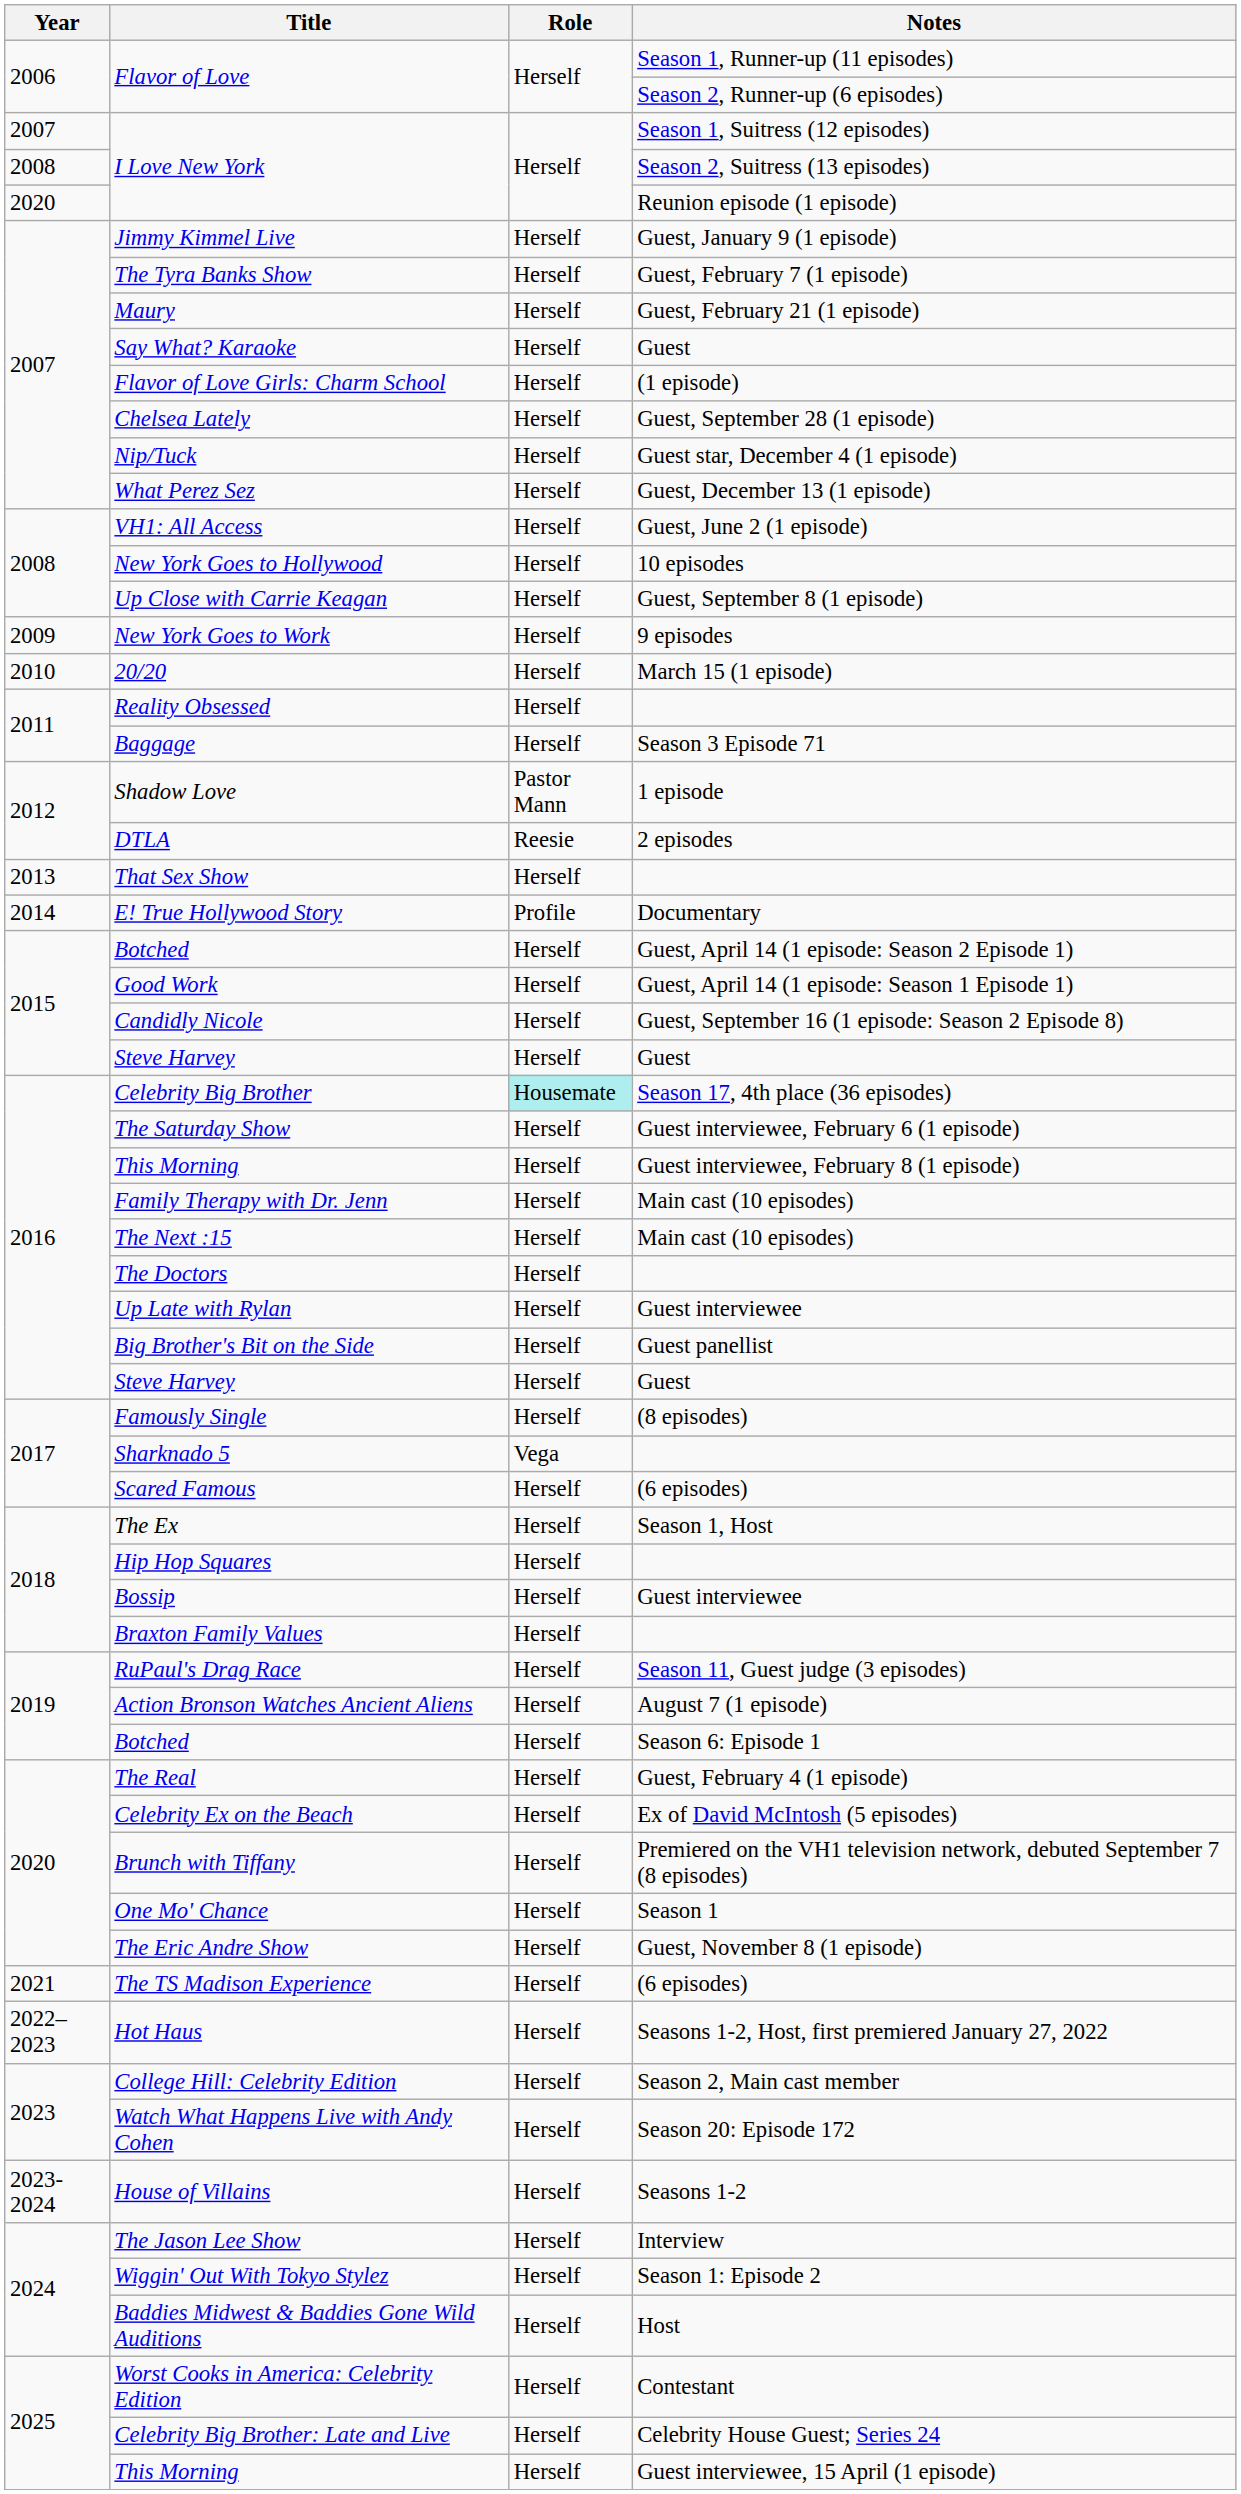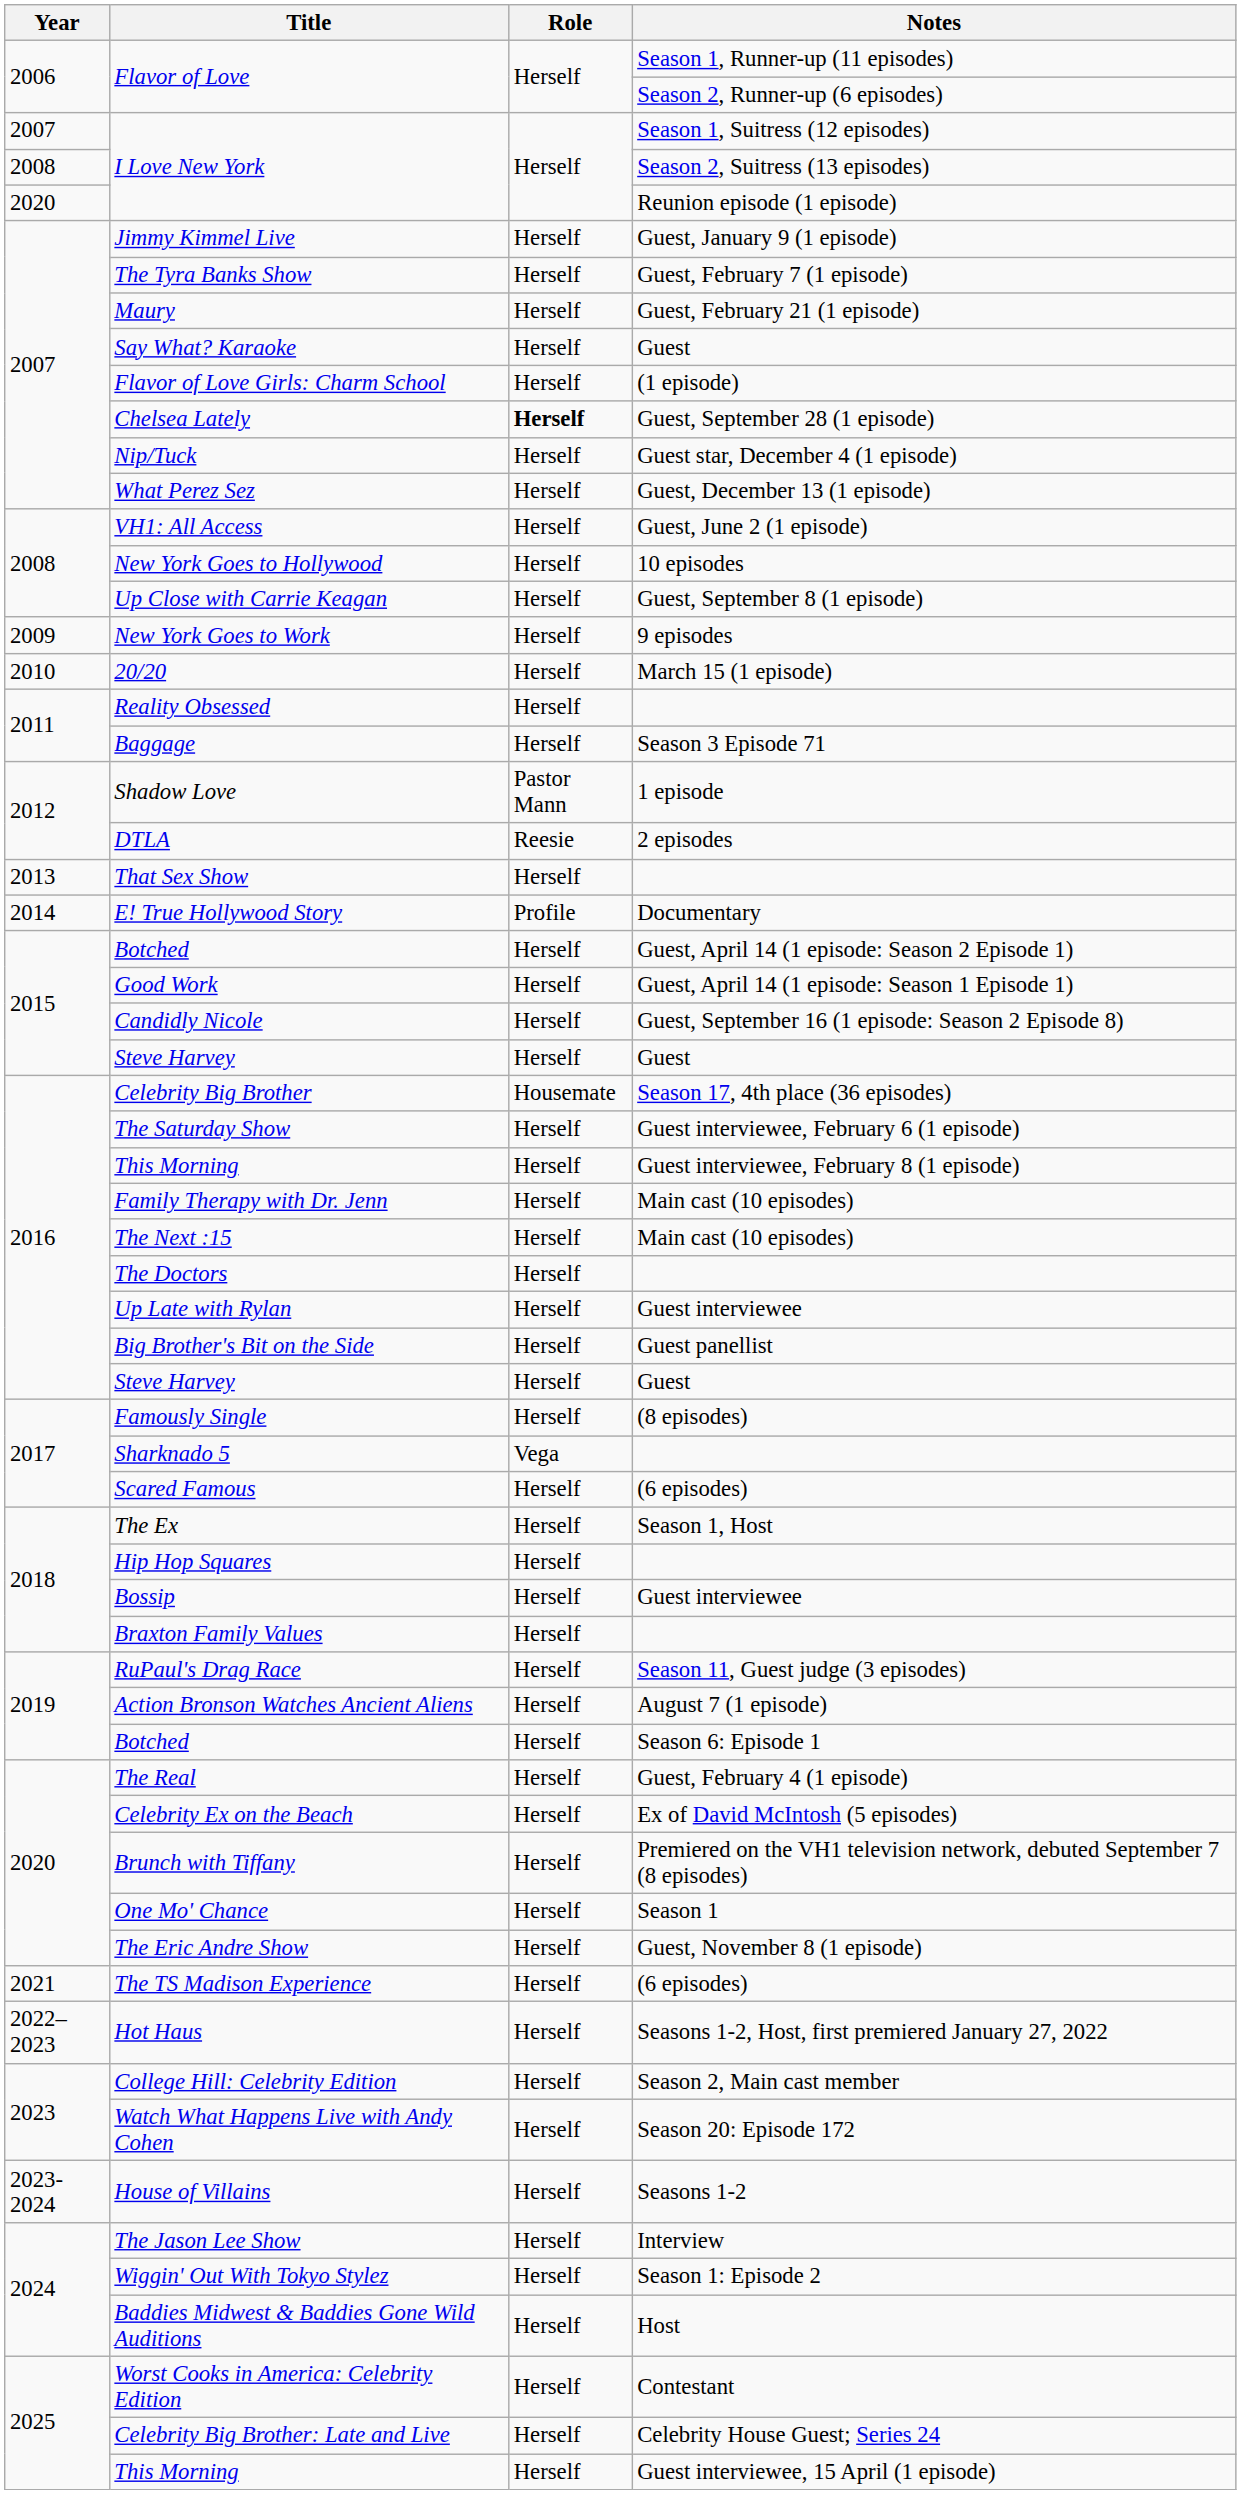 <table class="wikitable">
 <tr>
 <th>Year</th>
 <th>Title</th>
 <th>Role</th>
 <th>Notes</th>
 </tr>
 <tr>
 <td rowspan="2">2006</td>
 <td rowspan="2"><em><a href='#'>Flavor of Love</a></em></td>
 <td rowspan="2">Herself</td>
 <td><a href='#'>Season 1</a>, Runner-up (11 episodes)</td>
 </tr>
 <tr>
 <td><a href='#'>Season 2</a>, Runner-up (6 episodes)</td>
 </tr>
 <tr>
 <td>2007</td>
 <td rowspan="3"><em><a href='#'>I Love New York</a></em></td>
 <td rowspan="3">Herself</td>
 <td><a href='#'>Season 1</a>, Suitress (12 episodes)</td>
 </tr>
 <tr>
 <td>2008</td>
 <td><a href='#'>Season 2</a>, Suitress (13 episodes)</td>
 </tr>
 <tr>
 <td>2020</td>
 <td>Reunion episode (1 episode)</td>
 </tr>
 <tr>
 <td rowspan="8">2007</td>
 <td><em><a href='#'>Jimmy Kimmel Live</a></em></td>
 <td>Herself</td>
 <td>Guest, January 9 (1 episode)</td>
 </tr>
 <tr>
 <td><em><a href='#'>The Tyra Banks Show</a></em></td>
 <td>Herself</td>
 <td>Guest, February 7 (1 episode)</td>
 </tr>
 <tr>
 <td><em><a href='#'>Maury</a></em></td>
 <td>Herself</td>
 <td>Guest, February 21 (1 episode)</td>
 </tr>
 <tr>
 <td><em><a href='#'>Say What? Karaoke</a></em></td>
 <td>Herself</td>
 <td>Guest</td>
 </tr>
 <tr>
 <td><em><a href='#'>Flavor of Love Girls: Charm School</a></em></td>
 <td>Herself</td>
 <td>(1 episode)</td>
 </tr>
 <tr>
 <td><em><a href='#'>Chelsea Lately</a></em></td>
-<td>Herself</td>
+<td><strong>Herself</strong></td>
 <td>Guest, September 28 (1 episode)</td>
 </tr>
 <tr>
 <td><em><a href='#'>Nip/Tuck</a></em></td>
 <td>Herself</td>
 <td>Guest star, December 4 (1 episode)</td>
 </tr>
 <tr>
 <td><em><a href='#'>What Perez Sez</a></em></td>
 <td>Herself</td>
 <td>Guest, December 13 (1 episode)</td>
 </tr>
 <tr>
 <td rowspan="3">2008</td>
 <td><em><a href='#'>VH1: All Access</a></em></td>
 <td>Herself</td>
 <td>Guest, June 2 (1 episode)</td>
 </tr>
 <tr>
 <td><em><a href='#'>New York Goes to Hollywood</a></em></td>
 <td>Herself</td>
 <td>10 episodes</td>
 </tr>
 <tr>
 <td><em><a href='#'>Up Close with Carrie Keagan</a></em></td>
 <td>Herself</td>
 <td>Guest, September 8 (1 episode)</td>
 </tr>
 <tr>
 <td>2009</td>
 <td><em><a href='#'>New York Goes to Work</a></em></td>
 <td>Herself</td>
 <td>9 episodes</td>
 </tr>
 <tr>
 <td>2010</td>
 <td><em><a href='#'>20/20</a></em></td>
 <td>Herself</td>
 <td>March 15 (1 episode)</td>
 </tr>
 <tr>
 <td rowspan="2">2011</td>
 <td><em><a href='#'>Reality Obsessed</a></em></td>
 <td>Herself</td>
 <td></td>
 </tr>
 <tr>
 <td><em><a href='#'>Baggage</a></em></td>
 <td>Herself</td>
 <td>Season 3 Episode 71</td>
 </tr>
 <tr>
 <td rowspan="2">2012</td>
 <td><em>Shadow Love</em></td>
 <td>Pastor Mann</td>
 <td>1 episode</td>
 </tr>
 <tr>
 <td><em><a href='#'>DTLA</a></em></td>
 <td>Reesie</td>
 <td>2 episodes</td>
 </tr>
 <tr>
 <td>2013</td>
 <td><em><a href='#'>That Sex Show</a></em></td>
 <td>Herself</td>
 <td></td>
 </tr>
 <tr>
 <td>2014</td>
 <td><em><a href='#'>E! True Hollywood Story</a></em></td>
 <td>Profile</td>
 <td>Documentary</td>
 </tr>
 <tr>
 <td rowspan="4">2015</td>
 <td><em><a href='#'>Botched</a></em></td>
 <td>Herself</td>
 <td>Guest, April 14 (1 episode: Season 2 Episode 1)</td>
 </tr>
 <tr>
 <td><em><a href='#'>Good Work</a></em></td>
 <td>Herself</td>
 <td>Guest, April 14 (1 episode: Season 1 Episode 1)</td>
 </tr>
 <tr>
 <td><em><a href='#'>Candidly Nicole</a></em></td>
 <td>Herself</td>
 <td>Guest, September 16 (1 episode: Season 2 Episode 8)</td>
 </tr>
 <tr>
 <td><em><a href='#'>Steve Harvey</a></em></td>
 <td>Herself</td>
 <td>Guest</td>
 </tr>
 <tr>
 <td rowspan="9">2016</td>
 <td><em><a href='#'>Celebrity Big Brother</a></em></td>
-<td style="background: paleturquoise;">Housemate</td>
+<td>Housemate</td>
 <td><a href='#'>Season 17</a>, 4th place (36 episodes)</td>
 </tr>
 <tr>
 <td><em><a href='#'>The Saturday Show</a></em></td>
 <td>Herself</td>
 <td>Guest interviewee, February 6 (1 episode)</td>
 </tr>
 <tr>
 <td><em><a href='#'>This Morning</a></em></td>
 <td>Herself</td>
 <td>Guest interviewee, February 8 (1 episode)</td>
 </tr>
 <tr>
 <td><em><a href='#'>Family Therapy with Dr. Jenn</a></em></td>
 <td>Herself</td>
 <td>Main cast (10 episodes)</td>
 </tr>
 <tr>
 <td><em><a href='#'>The Next :15</a></em></td>
 <td>Herself</td>
 <td>Main cast (10 episodes)</td>
 </tr>
 <tr>
 <td><em><a href='#'>The Doctors</a></em></td>
 <td>Herself</td>
 <td></td>
 </tr>
 <tr>
 <td><em><a href='#'>Up Late with Rylan</a></em></td>
 <td>Herself</td>
 <td>Guest interviewee</td>
 </tr>
 <tr>
 <td><em><a href='#'>Big Brother's Bit on the Side</a></em></td>
 <td>Herself</td>
 <td>Guest panellist</td>
 </tr>
 <tr>
 <td><em><a href='#'>Steve Harvey</a></em></td>
 <td>Herself</td>
 <td>Guest</td>
 </tr>
 <tr>
 <td rowspan="3">2017</td>
 <td><em><a href='#'>Famously Single</a></em></td>
 <td>Herself</td>
 <td>(8 episodes)</td>
 </tr>
 <tr>
 <td><em><a href='#'>Sharknado 5</a></em></td>
 <td>Vega</td>
 <td></td>
 </tr>
 <tr>
 <td><em><a href='#'>Scared Famous</a></em></td>
 <td>Herself</td>
 <td>(6 episodes)</td>
 </tr>
 <tr>
 <td rowspan="4">2018</td>
 <td><em>The Ex</em></td>
 <td>Herself</td>
 <td>Season 1, Host</td>
 </tr>
 <tr>
 <td><em><a href='#'>Hip Hop Squares</a></em></td>
 <td>Herself</td>
 <td></td>
 </tr>
 <tr>
 <td><em><a href='#'>Bossip</a></em></td>
 <td>Herself</td>
 <td>Guest interviewee</td>
 </tr>
 <tr>
 <td><em><a href='#'>Braxton Family Values</a></em></td>
 <td>Herself</td>
 <td></td>
 </tr>
 <tr>
 <td rowspan="3">2019</td>
 <td><em><a href='#'>RuPaul's Drag Race</a></em></td>
 <td>Herself</td>
 <td><a href='#'>Season 11</a>, Guest judge (3 episodes)</td>
 </tr>
 <tr>
 <td><em><a href='#'>Action Bronson Watches Ancient Aliens</a></em></td>
 <td>Herself</td>
 <td>August 7 (1 episode)</td>
 </tr>
 <tr>
 <td><em><a href='#'>Botched</a></em></td>
 <td>Herself</td>
 <td>Season 6: Episode 1</td>
 </tr>
 <tr>
 <td rowspan="5">2020</td>
 <td><em><a href='#'>The Real</a> </em></td>
 <td>Herself</td>
 <td>Guest, February 4 (1 episode)</td>
 </tr>
 <tr>
 <td><em><a href='#'>Celebrity Ex on the Beach</a></em></td>
 <td>Herself</td>
 <td>Ex of <a href='#'>David McIntosh</a> (5 episodes)</td>
 </tr>
 <tr>
 <td><em><a href='#'>Brunch with Tiffany</a></em></td>
 <td>Herself</td>
 <td>Premiered on the VH1 television network, debuted September 7 (8 episodes)</td>
 </tr>
 <tr>
 <td><em><a href='#'>One Mo' Chance</a></em></td>
 <td>Herself</td>
 <td>Season 1</td>
 </tr>
 <tr>
 <td><em><a href='#'>The Eric Andre Show</a></em></td>
 <td>Herself</td>
 <td>Guest, November 8 (1 episode)</td>
 </tr>
 <tr>
 <td rowspan="1">2021</td>
 <td><em><a href='#'>The TS Madison Experience</a></em></td>
 <td>Herself</td>
 <td>(6 episodes)</td>
 </tr>
 <tr>
 <td rowspan="1">2022–2023</td>
 <td><em><a href='#'>Hot Haus</a></em></td>
 <td>Herself</td>
 <td>Seasons 1-2, Host, first premiered January 27, 2022</td>
 </tr>
 <tr>
 <td rowspan="2">2023</td>
 <td><em><a href='#'>College Hill: Celebrity Edition</a></em></td>
 <td>Herself</td>
 <td>Season 2, Main cast member</td>
 </tr>
 <tr>
 <td><em><a href='#'>Watch What Happens Live with Andy Cohen</a></em></td>
 <td>Herself</td>
 <td>Season 20: Episode 172</td>
 </tr>
 <tr>
 <td rowspan="1">2023-2024</td>
 <td><em><a href='#'>House of Villains</a></em></td>
 <td>Herself</td>
 <td>Seasons 1-2</td>
 </tr>
 <tr>
 <td rowspan="3">2024</td>
 <td><em><a href='#'>The Jason Lee Show</a></em></td>
 <td>Herself</td>
 <td>Interview</td>
 </tr>
 <tr>
 <td><em><a href='#'>Wiggin' Out With Tokyo Stylez</a></em></td>
 <td>Herself</td>
 <td>Season 1: Episode 2</td>
 </tr>
 <tr>
 <td><em><a href='#'>Baddies Midwest & Baddies Gone Wild Auditions</a></em></td>
 <td>Herself</td>
 <td>Host</td>
 </tr>
 <tr>
 <td rowspan="3”">2025</td>
 <td><em><a href='#'>Worst Cooks in America: Celebrity Edition</a></em></td>
 <td>Herself</td>
 <td>Contestant</td>
 </tr>
 <tr>
 <td><a href='#'><em>Celebrity Big Brother: Late and Live</em></a></td>
 <td>Herself</td>
 <td>Celebrity House Guest; <a href='#'>Series 24</a></td>
 </tr>
 <tr>
 <td><em><a href='#'>This Morning</a></em></td>
 <td>Herself</td>
 <td>Guest interviewee, 15 April (1 episode)</td>
 </tr>
 </table>
